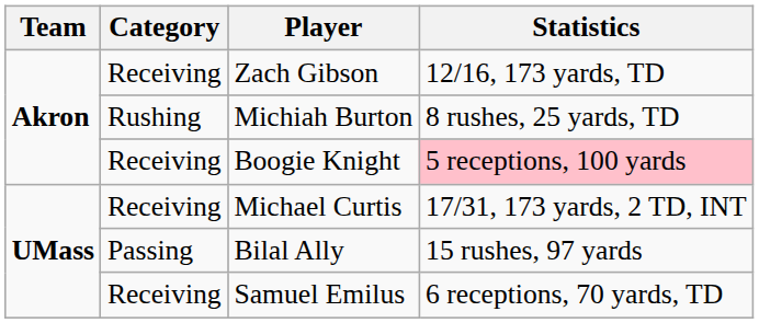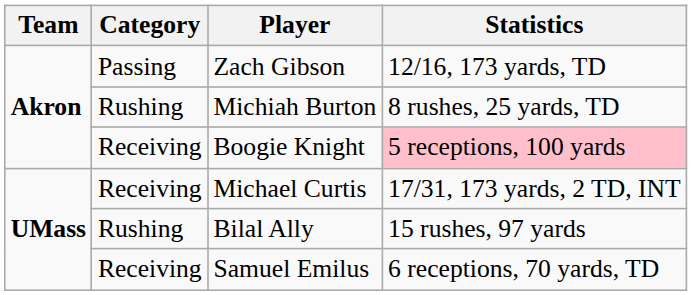 <table class="wikitable" style="float: left;">
 <tr>
 <th>Team</th>
 <th>Category</th>
 <th>Player</th>
 <th>Statistics</th>
 </tr>
 <tr>
 <td rowspan=3><strong>Akron</strong></td>
-<td>Receiving</td>
+<td>Passing</td>
 <td>Zach Gibson</td>
 <td>12/16, 173 yards, TD</td>
 </tr>
 <tr>
 <td>Rushing</td>
 <td>Michiah Burton</td>
 <td>8 rushes, 25 yards, TD</td>
 </tr>
 <tr>
 <td>Receiving</td>
 <td>Boogie Knight</td>
 <td style="background: pink;">5 receptions, 100 yards</td>
 </tr>
 <tr>
 <td rowspan=3><strong>UMass</strong></td>
 <td>Receiving</td>
 <td>Michael Curtis</td>
 <td>17/31, 173 yards, 2 TD, INT</td>
 </tr>
 <tr>
-<td>Passing</td>
+<td>Rushing</td>
 <td>Bilal Ally</td>
 <td>15 rushes, 97 yards</td>
 </tr>
 <tr>
 <td>Receiving</td>
 <td>Samuel Emilus</td>
 <td>6 receptions, 70 yards, TD</td>
 </tr>
 </table>
